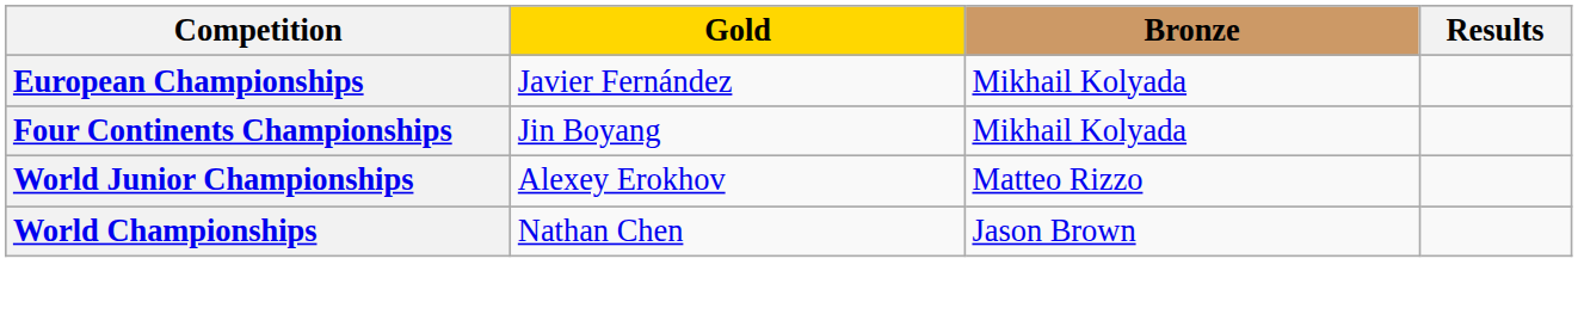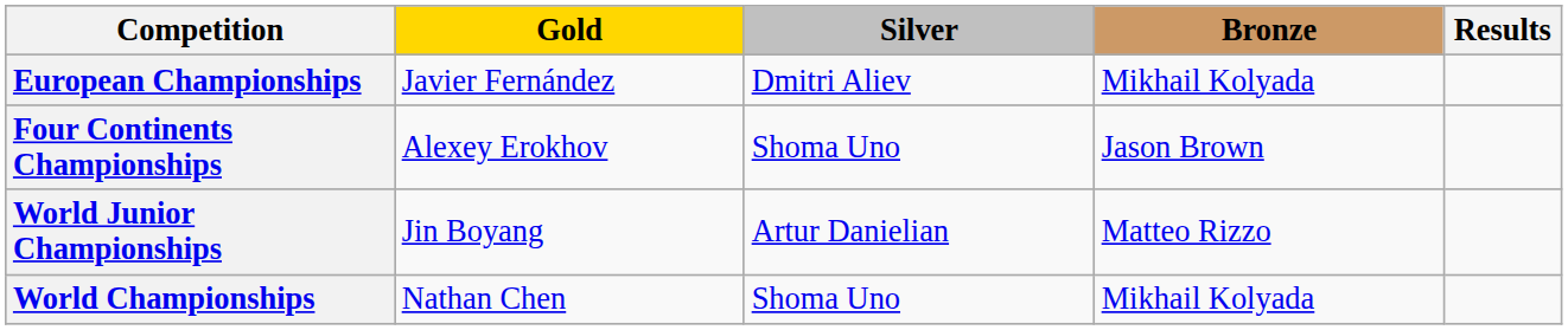 <table class="wikitable unsortable" style="text-align:left; width:90%">
 <tr>
 <th scope="col" style="text-align:center; width:25%;">Competition</th>
 <td scope="col" style="text-align:center; width:22.5%; background:gold"><strong>Gold</strong></td>
+<td scope="col" style="text-align:center; width:22.5%; background:silver"><strong>Silver</strong></td>
 <td scope="col" style="text-align:center; width:22.5%; background:#c96"><strong>Bronze</strong></td>
 <th scope="col" style="text-align:center; width:7.5%;">Results</th>
 </tr>
 <tr>
 <th scope="row" style="text-align:left"> <a href='#'>European Championships</a></th>
 <td> <a href='#'>Javier Fernández</a></td>
+<td> <a href='#'>Dmitri Aliev</a></td>
 <td> <a href='#'>Mikhail Kolyada</a></td>
 <td></td>
 </tr>
 <tr>
 <th scope="row" style="text-align:left"> <a href='#'>Four Continents Championships</a></th>
-<td> <a href='#'>Jin Boyang</a></td>
-<td> <a href='#'>Mikhail Kolyada</a></td>
+<td> <a href='#'>Alexey Erokhov</a></td>
+<td> <a href='#'>Shoma Uno</a></td>
+<td> <a href='#'>Jason Brown</a></td>
 <td></td>
 </tr>
 <tr>
 <th scope="row" style="text-align:left"> <a href='#'>World Junior Championships</a></th>
-<td> <a href='#'>Alexey Erokhov</a></td>
+<td> <a href='#'>Jin Boyang</a></td>
+<td> <a href='#'>Artur Danielian</a></td>
 <td> <a href='#'>Matteo Rizzo</a></td>
 <td></td>
 </tr>
 <tr>
 <th scope="row" style="text-align:left"> <a href='#'>World Championships</a></th>
 <td> <a href='#'>Nathan Chen</a></td>
-<td> <a href='#'>Jason Brown</a></td>
+<td> <a href='#'>Shoma Uno</a></td>
+<td> <a href='#'>Mikhail Kolyada</a></td>
 <td></td>
 </tr>
 </table>
